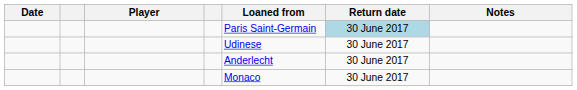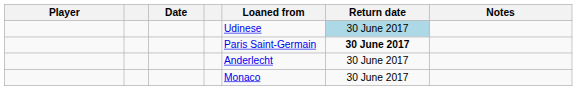 <table class="wikitable sortable">
 <tr>
+<th style="width:180px;">Player</th>
+<th style="width:30px;"></th>
 <th style="width:80px;">Date</th>
-<th style="width:30px;"></th>
-<th style="width:180px;">Player</th>
 <th style="width:20px;"></th>
 <th style="width:155px;">Loaned from</th>
 <th style="width:155px;" class="unsortable">Return date</th>
 <th style="width:215px;" class="unsortable">Notes</th>
 </tr>
 <tr>
+<td> </td>
+<td align=center></td>
 <td></td>
-<td align=center></td>
-<td> </td>
 <td></td>
-<td> <a href='#'>Paris Saint-Germain</a></td>
+<td> <a href='#'>Udinese</a></td>
 <td align=center style="background: lightblue;">30 June 2017</td>
 <td align=center></td>
 </tr>
 <tr>
+<td> </td>
+<td align=center></td>
 <td></td>
-<td align=center></td>
-<td> </td>
 <td></td>
-<td> <a href='#'>Udinese</a></td>
-<td align=center>30 June 2017</td>
+<td> <a href='#'>Paris Saint-Germain</a></td>
+<td align=center><strong>30 June 2017</strong></td>
 <td align=center></td>
 </tr>
 <tr>
+<td> </td>
+<td align=center></td>
 <td></td>
-<td align=center></td>
-<td> </td>
 <td></td>
 <td> <a href='#'>Anderlecht</a></td>
 <td align=center>30 June 2017</td>
 <td align=center></td>
 </tr>
 <tr>
+<td> </td>
+<td align=center></td>
 <td></td>
-<td align=center></td>
-<td> </td>
 <td></td>
 <td> <a href='#'>Monaco</a></td>
 <td align=center>30 June 2017</td>
 <td align=center></td>
 </tr>
 </table>
